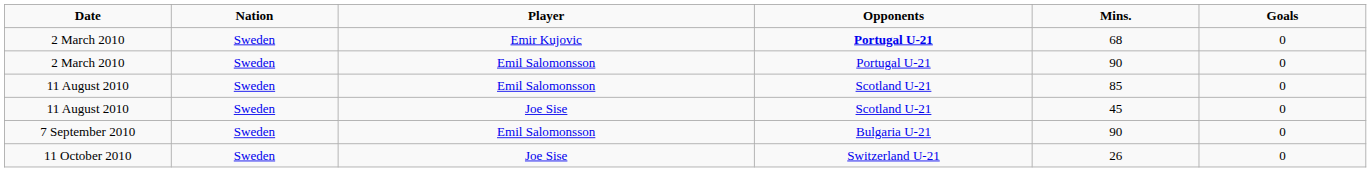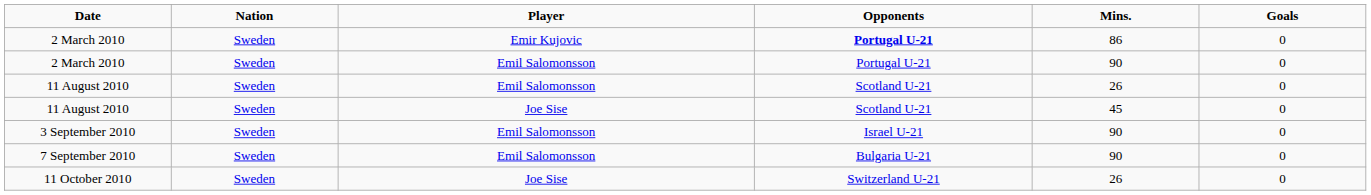 <table class= width=90% border="2" cellpadding="4" cellspacing="0" style="text-align=center: 1em 1em 1em 0; background: #f9f9f9; border: 1px #aaa solid; border-collapse: collapse; font-size: 95%;">
 <tr>
 <th width=6%>Date</th>
 <th width=6%>Nation</th>
 <th width=15%>Player</th>
 <th width=10%>Opponents</th>
 <th width=6%>Mins.</th>
 <th width=6%>Goals</th>
 </tr>
 <tr>
 <td align=center>2 March 2010</td>
 <td align=center> <a href='#'>Sweden</a></td>
 <td align=center><a href='#'>Emir Kujovic</a></td>
 <td align=center><strong> <a href='#'>Portugal U-21</a></strong></td>
-<td align=center>68</td>
+<td align=center>86</td>
 <td align=center>0</td>
 </tr>
 <tr>
 <td align=center>2 March 2010</td>
 <td align=center> <a href='#'>Sweden</a></td>
 <td align=center><a href='#'>Emil Salomonsson</a></td>
 <td align=center> <a href='#'>Portugal U-21</a></td>
 <td align=center>90</td>
 <td align=center>0</td>
 </tr>
 <tr>
 <td align=center>11 August 2010</td>
 <td align=center> <a href='#'>Sweden</a></td>
 <td align=center><a href='#'>Emil Salomonsson</a></td>
 <td align=center> <a href='#'>Scotland U-21</a></td>
-<td align=center>85</td>
+<td align=center>26</td>
 <td align=center>0</td>
 </tr>
 <tr>
 <td align=center>11 August 2010</td>
 <td align=center> <a href='#'>Sweden</a></td>
 <td align=center><a href='#'>Joe Sise</a></td>
 <td align=center> <a href='#'>Scotland U-21</a></td>
 <td align=center>45</td>
+<td align=center>0</td>
+</tr>
+<tr>
+<td align=center>3 September 2010</td>
+<td align=center> <a href='#'>Sweden</a></td>
+<td align=center><a href='#'>Emil Salomonsson</a></td>
+<td align=center> <a href='#'>Israel U-21</a></td>
+<td align=center>90</td>
 <td align=center>0</td>
 </tr>
 <tr>
 <td align=center>7 September 2010</td>
 <td align=center> <a href='#'>Sweden</a></td>
 <td align=center><a href='#'>Emil Salomonsson</a></td>
 <td align=center> <a href='#'>Bulgaria U-21</a></td>
 <td align=center>90</td>
 <td align=center>0</td>
 </tr>
 <tr>
 <td align=center>11 October 2010</td>
 <td align=center> <a href='#'>Sweden</a></td>
 <td align=center><a href='#'>Joe Sise</a></td>
 <td align=center> <a href='#'>Switzerland U-21</a></td>
 <td align=center>26</td>
 <td align=center>0</td>
 </tr>
 </table>
